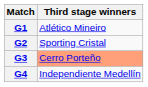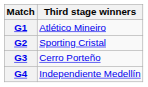 <table class="wikitable">
 <tr>
 <th>Match</th>
 <th>Third stage winners</th>
 </tr>
 <tr>
 <th><a href='#'>G1</a></th>
 <td> <a href='#'>Atlético Mineiro</a></td>
 </tr>
 <tr>
 <th><a href='#'>G2</a></th>
 <td> <a href='#'>Sporting Cristal</a></td>
 </tr>
 <tr>
 <th><a href='#'>G3</a></th>
-<td style="background: lightsalmon;"> <a href='#'>Cerro Porteño</a></td>
+<td> <a href='#'>Cerro Porteño</a></td>
 </tr>
 <tr>
 <th><a href='#'>G4</a></th>
 <td> <a href='#'>Independiente Medellín</a></td>
 </tr>
 </table>
